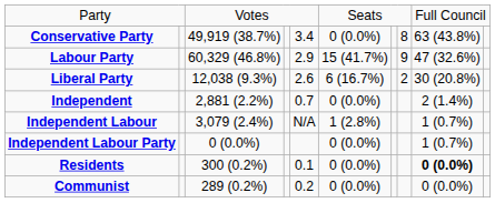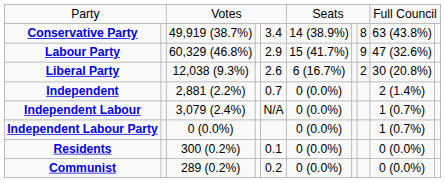 <table class=wikitable style="text-align:center;">
 <tr>
 <td colspan=2>Party</td>
 <td colspan=3>Votes</td>
 <td colspan=3>Seats</td>
 <td colspan=3>Full Council</td>
 </tr>
 <tr>
 <td><strong><a href='#'>Conservative Party</a></strong></td>
 <td style="background:"></td>
 <td>49,919 (38.7%)</td>
 <td></td>
 <td> 3.4</td>
-<td>0 (0.0%)</td>
+<td>14 (38.9%)</td>
 <td></td>
 <td> 8</td>
 <td>63 (43.8%)</td>
 <td></td>
 </tr>
 <tr>
 <td><strong><a href='#'>Labour Party</a></strong></td>
 <td style="background:"></td>
 <td>60,329 (46.8%)</td>
 <td></td>
 <td> 2.9</td>
 <td>15 (41.7%)</td>
 <td></td>
 <td> 9</td>
 <td>47 (32.6%)</td>
 <td></td>
 </tr>
 <tr>
 <td><strong><a href='#'>Liberal Party</a></strong></td>
 <td style="background:"></td>
 <td>12,038 (9.3%)</td>
 <td></td>
 <td> 2.6</td>
 <td>6 (16.7%)</td>
 <td></td>
 <td> 2</td>
 <td>30 (20.8%)</td>
 <td></td>
 </tr>
 <tr>
 <td><strong><a href='#'>Independent</a></strong></td>
 <td style="background:"></td>
 <td>2,881 (2.2%)</td>
 <td></td>
 <td> 0.7</td>
 <td>0 (0.0%)</td>
 <td></td>
 <td></td>
 <td>2 (1.4%)</td>
 <td></td>
 </tr>
 <tr>
 <td><strong><a href='#'>Independent Labour</a></strong></td>
 <td style="background:"></td>
 <td>3,079 (2.4%)</td>
 <td></td>
 <td>N/A</td>
-<td>1 (2.8%)</td>
+<td>0 (0.0%)</td>
 <td></td>
 <td></td>
 <td>1 (0.7%)</td>
 <td></td>
 </tr>
 <tr>
 <td><strong><a href='#'>Independent Labour Party</a></strong></td>
 <td style="background:"></td>
 <td>0 (0.0%)</td>
 <td></td>
 <td></td>
 <td>0 (0.0%)</td>
 <td></td>
 <td></td>
 <td>1 (0.7%)</td>
 <td></td>
 </tr>
 <tr>
 <td><strong><a href='#'>Residents</a></strong></td>
 <td style="background:"></td>
 <td>300 (0.2%)</td>
 <td></td>
 <td> 0.1</td>
 <td>0 (0.0%)</td>
 <td></td>
 <td></td>
-<td><strong>0 (0.0%)</strong></td>
+<td>0 (0.0%)</td>
 <td></td>
 </tr>
 <tr>
 <td><strong><a href='#'>Communist</a></strong></td>
 <td style="background:"></td>
 <td>289 (0.2%)</td>
 <td></td>
 <td> 0.2</td>
 <td>0 (0.0%)</td>
 <td></td>
 <td></td>
 <td>0 (0.0%)</td>
 <td></td>
 </tr>
 </table>
